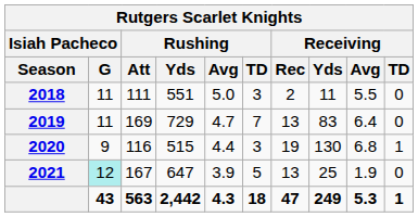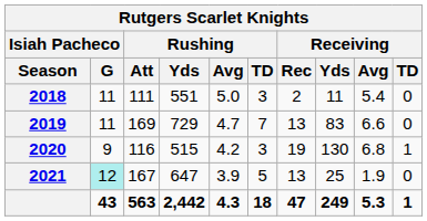 <table class="wikitable" style="text-align:center;">
 <tr>
 <th colspan="10">Rutgers Scarlet Knights</th>
 </tr>
 <tr>
 <th colspan="2">Isiah Pacheco</th>
 <th colspan="4">Rushing</th>
 <th colspan="4">Receiving</th>
 </tr>
 <tr>
 <th>Season</th>
 <th>G</th>
 <th>Att</th>
 <th>Yds</th>
 <th>Avg</th>
 <th>TD</th>
 <th>Rec</th>
 <th>Yds</th>
 <th>Avg</th>
 <th>TD</th>
 </tr>
 <tr>
 <th><a href='#'>2018</a></th>
 <td>11</td>
 <td>111</td>
 <td>551</td>
 <td>5.0</td>
 <td>3</td>
 <td>2</td>
 <td>11</td>
-<td>5.5</td>
+<td>5.4</td>
 <td>0</td>
 </tr>
 <tr>
 <th><a href='#'>2019</a></th>
 <td>11</td>
 <td>169</td>
 <td>729</td>
 <td>4.7</td>
 <td>7</td>
 <td>13</td>
 <td>83</td>
-<td>6.4</td>
+<td>6.6</td>
 <td>0</td>
 </tr>
 <tr>
 <th><a href='#'>2020</a></th>
 <td>9</td>
 <td>116</td>
 <td>515</td>
-<td>4.4</td>
+<td>4.2</td>
 <td>3</td>
 <td>19</td>
 <td>130</td>
 <td>6.8</td>
 <td>1</td>
 </tr>
 <tr>
 <th><a href='#'>2021</a></th>
 <td style="background: paleturquoise;">12</td>
 <td>167</td>
 <td>647</td>
 <td>3.9</td>
 <td>5</td>
 <td>13</td>
 <td>25</td>
 <td>1.9</td>
 <td>0</td>
 </tr>
 <tr>
 <th></th>
 <td><strong>43</strong></td>
 <td><strong>563</strong></td>
 <td><strong>2,442</strong></td>
 <td><strong>4.3</strong></td>
 <td><strong>18</strong></td>
 <td><strong>47</strong></td>
 <td><strong>249</strong></td>
 <td><strong>5.3</strong></td>
 <td><strong>1</strong></td>
 </tr>
 </table>
